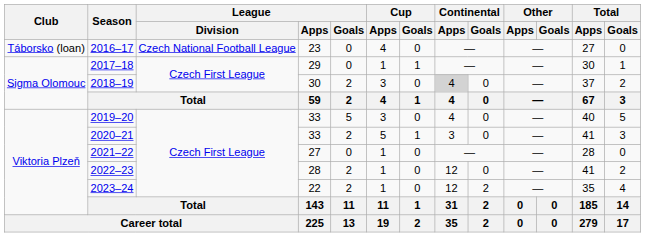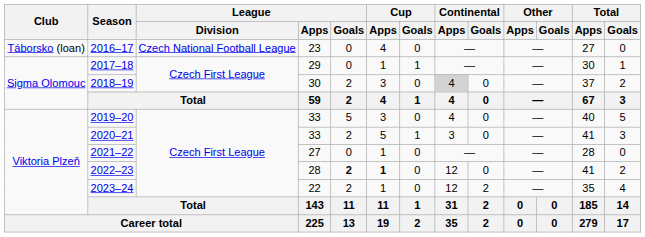 <table class="wikitable" style="text-align:center">
 <tr>
 <th rowspan=2>Club</th>
 <th rowspan=2>Season</th>
 <th colspan=3>League</th>
 <th colspan=2>Cup</th>
 <th colspan=2>Continental</th>
 <th colspan=2>Other</th>
 <th colspan=2>Total</th>
 </tr>
 <tr>
 <th>Division</th>
 <th>Apps</th>
 <th>Goals</th>
 <th>Apps</th>
 <th>Goals</th>
 <th>Apps</th>
 <th>Goals</th>
 <th>Apps</th>
 <th>Goals</th>
 <th>Apps</th>
 <th>Goals</th>
 </tr>
 <tr>
 <td><a href='#'>Táborsko</a> (loan)</td>
 <td><a href='#'>2016–17</a></td>
 <td><a href='#'>Czech National Football League</a></td>
 <td>23</td>
 <td>0</td>
 <td>4</td>
 <td>0</td>
 <td colspan="2">—</td>
 <td colspan="2">—</td>
 <td>27</td>
 <td>0</td>
 </tr>
 <tr>
 <td rowspan="3"><a href='#'>Sigma Olomouc</a></td>
 <td><a href='#'>2017–18</a></td>
 <td rowspan="2"><a href='#'>Czech First League</a></td>
 <td>29</td>
 <td>0</td>
 <td>1</td>
 <td>1</td>
 <td colspan="2">—</td>
 <td colspan="2">—</td>
 <td>30</td>
 <td>1</td>
 </tr>
 <tr>
 <td><a href='#'>2018–19</a></td>
 <td>30</td>
 <td>2</td>
 <td>3</td>
 <td>0</td>
 <td style="background: lightgrey;">4</td>
 <td>0</td>
 <td colspan="2">—</td>
 <td>37</td>
 <td>2</td>
 </tr>
 <tr>
 <th colspan="2">Total</th>
 <th>59</th>
 <th>2</th>
 <th>4</th>
 <th>1</th>
 <th>4</th>
 <th>0</th>
 <th colspan="2">—</th>
 <th>67</th>
 <th>3</th>
 </tr>
 <tr>
 <td rowspan="6"><a href='#'>Viktoria Plzeň</a></td>
 <td><a href='#'>2019–20</a></td>
 <td rowspan="5"><a href='#'>Czech First League</a></td>
 <td>33</td>
 <td>5</td>
 <td>3</td>
 <td>0</td>
 <td>4</td>
 <td>0</td>
 <td colspan="2">—</td>
 <td>40</td>
 <td>5</td>
 </tr>
 <tr>
 <td><a href='#'>2020–21</a></td>
 <td>33</td>
 <td>2</td>
 <td>5</td>
 <td>1</td>
 <td>3</td>
 <td>0</td>
 <td colspan="2">—</td>
 <td>41</td>
 <td>3</td>
 </tr>
 <tr>
 <td><a href='#'>2021–22</a></td>
 <td>27</td>
 <td>0</td>
 <td>1</td>
 <td>0</td>
 <td colspan="2">—</td>
 <td colspan="2">—</td>
 <td>28</td>
 <td>0</td>
 </tr>
 <tr>
 <td><a href='#'>2022–23</a></td>
 <td>28</td>
-<td>2</td>
-<td>1</td>
+<td><strong>2</strong></td>
+<td><strong>1</strong></td>
 <td>0</td>
 <td>12</td>
 <td>0</td>
 <td colspan="2">—</td>
 <td>41</td>
 <td>2</td>
 </tr>
 <tr>
 <td><a href='#'>2023–24</a></td>
 <td>22</td>
 <td>2</td>
 <td>1</td>
 <td>0</td>
 <td>12</td>
 <td>2</td>
 <td colspan="2">—</td>
 <td>35</td>
 <td>4</td>
 </tr>
 <tr>
 <th colspan="2">Total</th>
 <th>143</th>
 <th>11</th>
 <th>11</th>
 <th>1</th>
 <th>31</th>
 <th>2</th>
 <th>0</th>
 <th>0</th>
 <th>185</th>
 <th>14</th>
 </tr>
 <tr>
 <th colspan="3">Career total</th>
 <th>225</th>
 <th>13</th>
 <th>19</th>
 <th>2</th>
 <th>35</th>
 <th>2</th>
 <th>0</th>
 <th>0</th>
 <th>279</th>
 <th>17</th>
 </tr>
 </table>
